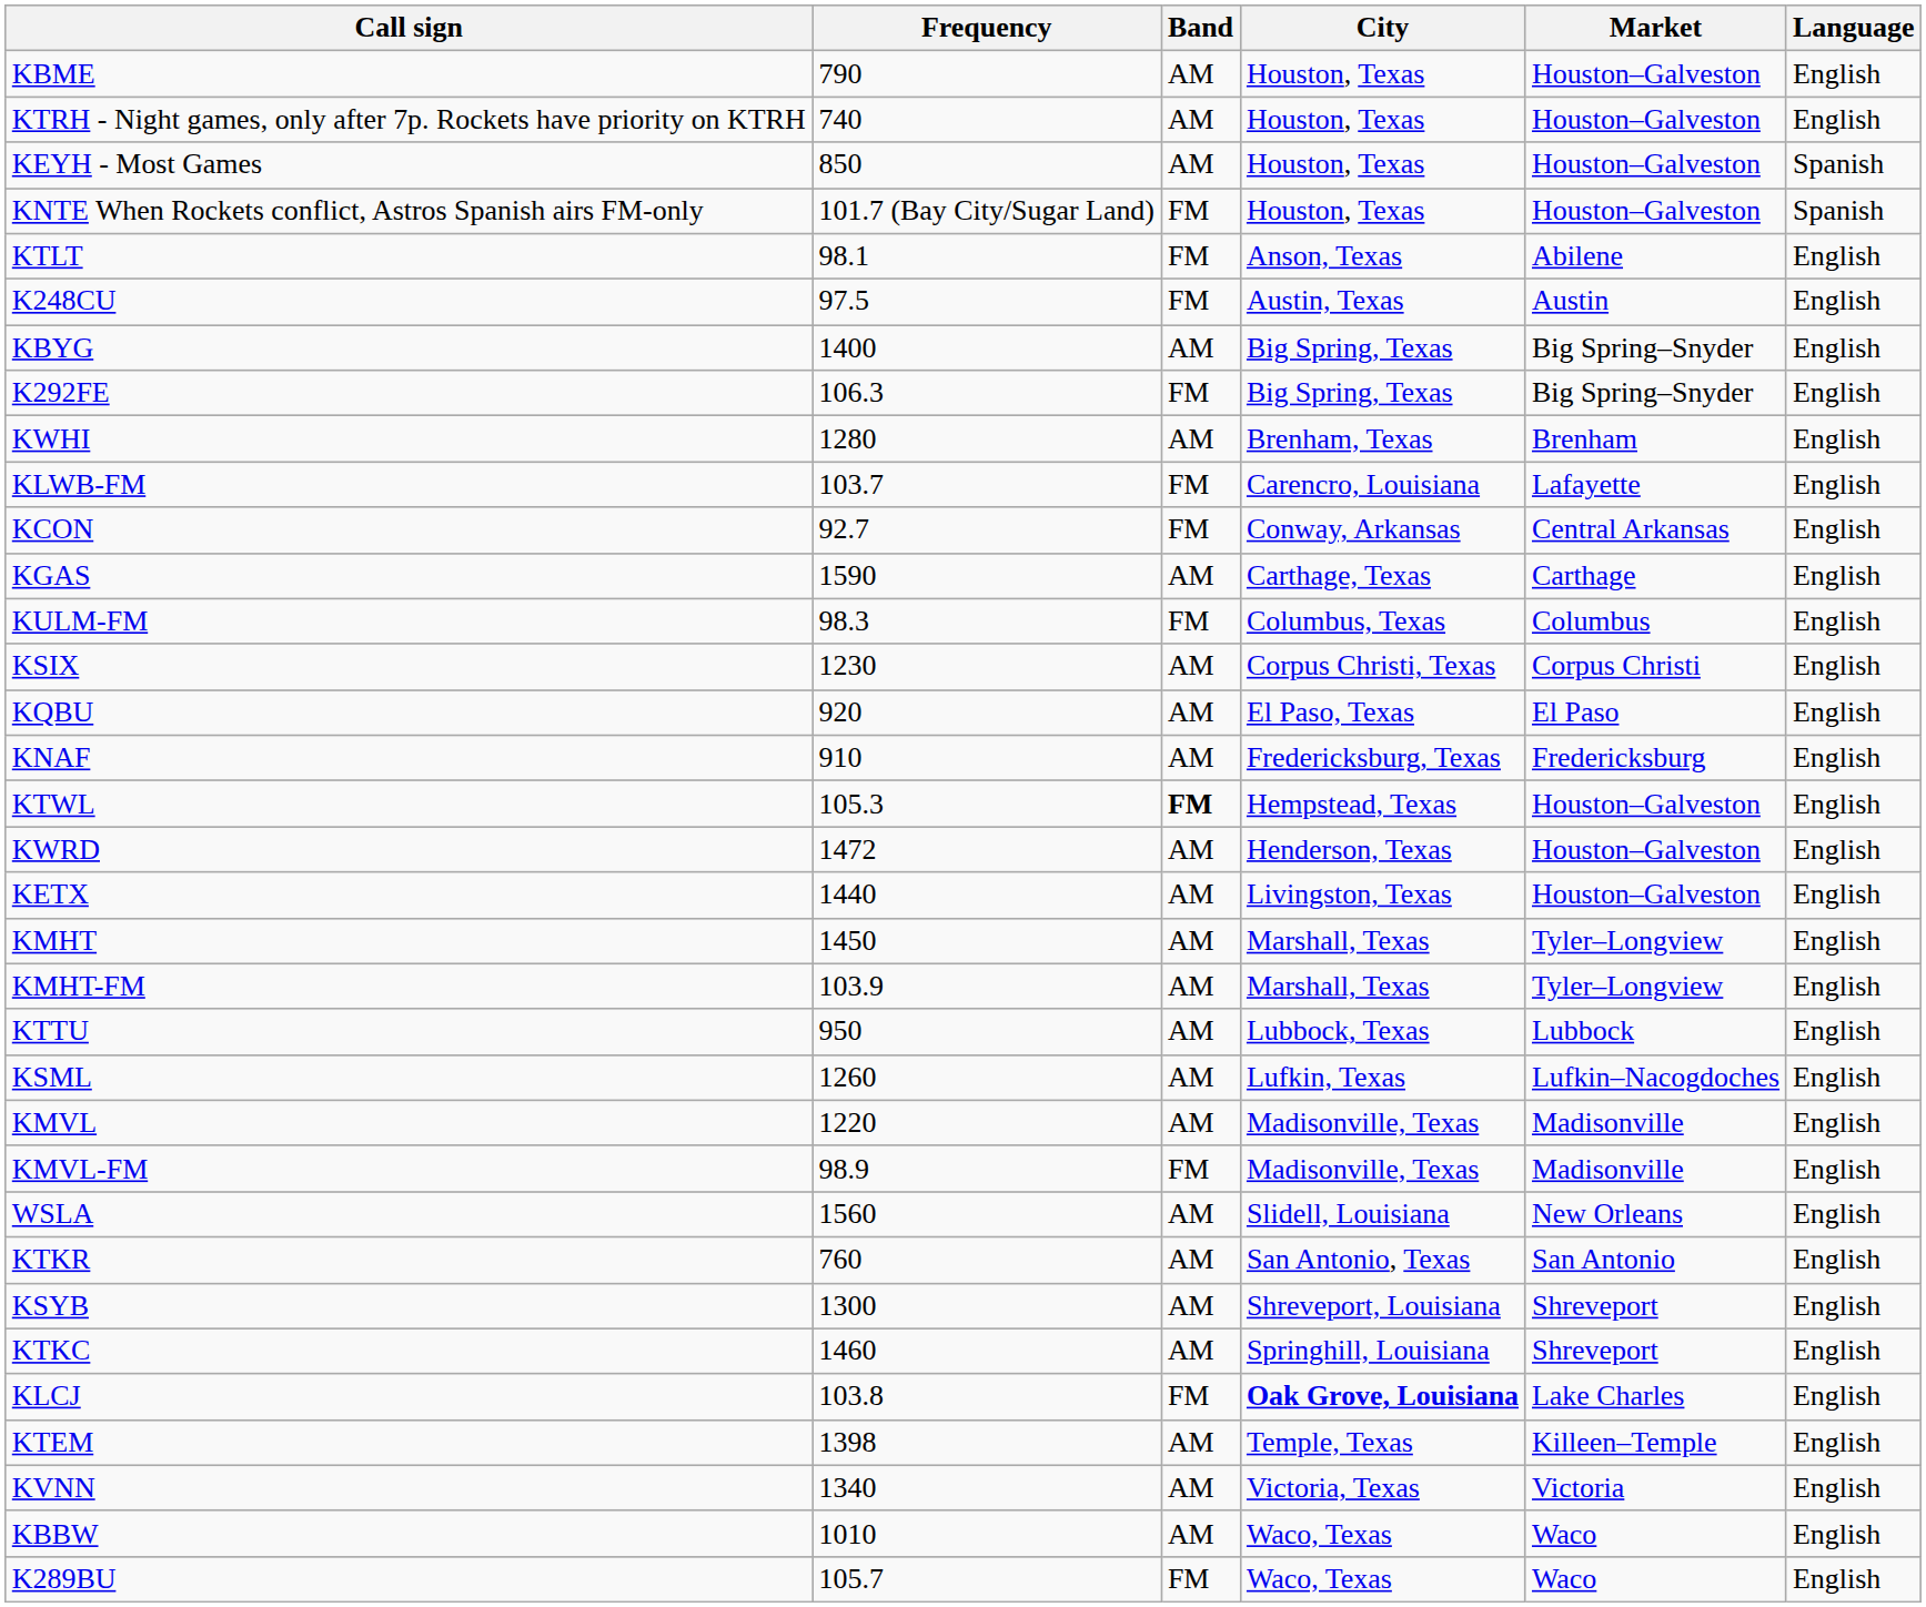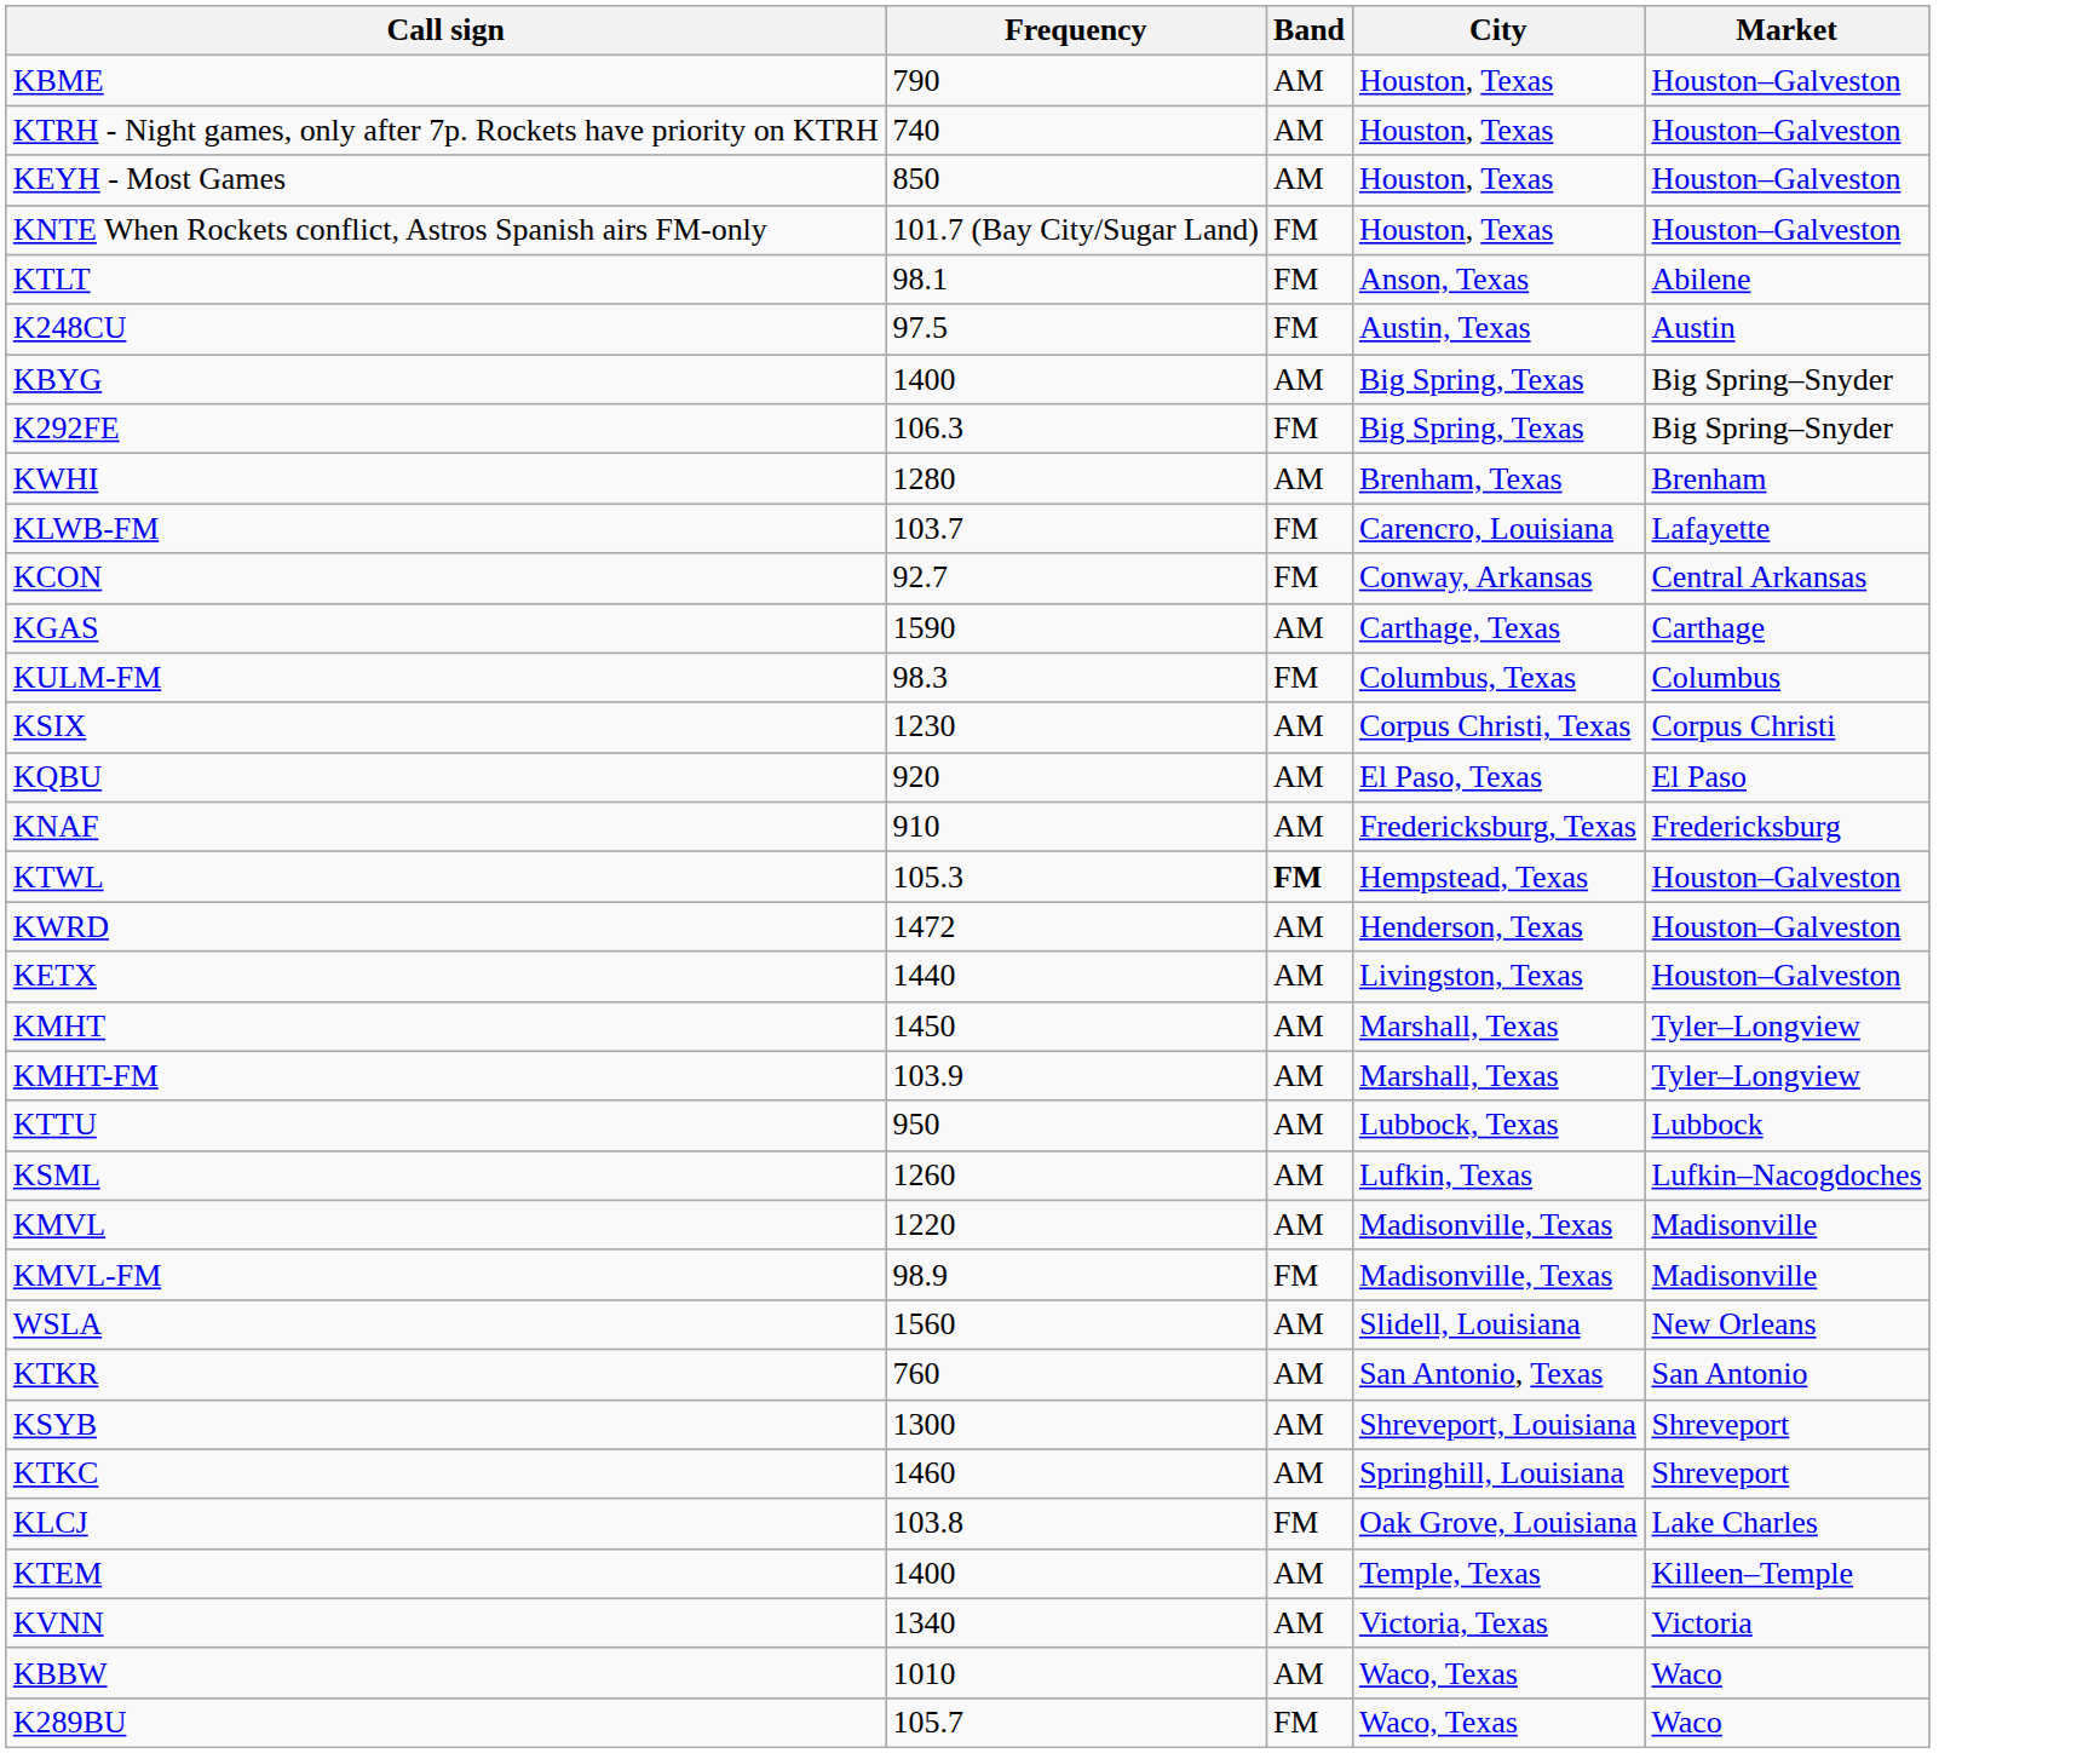 <table class="wikitable sortable" border="1" style="float= left;">
 <tr>
 <th>Call sign</th>
 <th>Frequency</th>
 <th>Band</th>
 <th>City</th>
 <th>Market</th>
-<th>Language</th>
 </tr>
 <tr>
 <td><a href='#'>KBME</a></td>
 <td data-sort-value=000790>790</td>
 <td>AM</td>
 <td><a href='#'>Houston</a>, <a href='#'>Texas</a></td>
 <td><a href='#'>Houston–Galveston</a></td>
-<td>English</td>
 </tr>
 <tr>
 <td><a href='#'>KTRH</a> - Night games, only after 7p. Rockets have priority on KTRH</td>
 <td data-sort-value=000740>740</td>
 <td>AM</td>
 <td><a href='#'>Houston</a>, <a href='#'>Texas</a></td>
 <td><a href='#'>Houston–Galveston</a></td>
-<td>English</td>
 </tr>
 <tr>
 <td><a href='#'>KEYH</a> - Most Games</td>
 <td data-sort-value=000850>850</td>
 <td>AM</td>
 <td><a href='#'>Houston</a>, <a href='#'>Texas</a></td>
 <td><a href='#'>Houston–Galveston</a></td>
-<td>Spanish</td>
 </tr>
 <tr>
 <td><a href='#'>KNTE</a> When Rockets conflict, Astros Spanish airs FM-only</td>
 <td data-sort-value=101700>101.7 (Bay City/Sugar Land)</td>
 <td>FM</td>
 <td><a href='#'>Houston</a>, <a href='#'>Texas</a></td>
 <td><a href='#'>Houston–Galveston</a></td>
-<td>Spanish</td>
 </tr>
 <tr>
 <td><a href='#'>KTLT</a></td>
 <td data-sort-value=098100>98.1</td>
 <td>FM</td>
 <td><a href='#'>Anson, Texas</a></td>
 <td><a href='#'>Abilene</a></td>
-<td>English</td>
 </tr>
 <tr>
 <td><a href='#'>K248CU</a></td>
 <td data-sort-value=097590>97.5</td>
 <td>FM</td>
 <td><a href='#'>Austin, Texas</a></td>
 <td><a href='#'>Austin</a></td>
-<td>English</td>
 </tr>
 <tr>
 <td><a href='#'>KBYG</a></td>
 <td data-sort-value=001400>1400</td>
 <td>AM</td>
 <td><a href='#'>Big Spring, Texas</a></td>
 <td>Big Spring–Snyder</td>
-<td>English</td>
 </tr>
 <tr>
 <td><a href='#'>K292FE</a></td>
 <td data-sort-value=106390>106.3</td>
 <td>FM</td>
 <td><a href='#'>Big Spring, Texas</a></td>
 <td>Big Spring–Snyder</td>
-<td>English</td>
 </tr>
 <tr>
 <td><a href='#'>KWHI</a></td>
 <td data-sort-value=001280>1280</td>
 <td>AM</td>
 <td><a href='#'>Brenham, Texas</a></td>
 <td><a href='#'>Brenham</a></td>
-<td>English</td>
 </tr>
 <tr>
 <td><a href='#'>KLWB-FM</a></td>
 <td data-sort-value=103700>103.7</td>
 <td>FM</td>
 <td><a href='#'>Carencro, Louisiana</a></td>
 <td><a href='#'>Lafayette</a></td>
-<td>English</td>
 </tr>
 <tr>
 <td><a href='#'>KCON</a></td>
 <td data-sort-value=092700>92.7</td>
 <td>FM</td>
 <td><a href='#'>Conway, Arkansas</a></td>
 <td><a href='#'>Central Arkansas</a></td>
-<td>English</td>
 </tr>
 <tr>
 <td><a href='#'>KGAS</a></td>
 <td data-sort-value=001590>1590</td>
 <td>AM</td>
 <td><a href='#'>Carthage, Texas</a></td>
 <td><a href='#'>Carthage</a></td>
-<td>English</td>
 </tr>
 <tr>
 <td><a href='#'>KULM-FM</a></td>
 <td data-sort-value=098300>98.3</td>
 <td>FM</td>
 <td><a href='#'>Columbus, Texas</a></td>
 <td><a href='#'>Columbus</a></td>
-<td>English</td>
 </tr>
 <tr>
 <td><a href='#'>KSIX</a></td>
 <td data-sort-value=001230>1230</td>
 <td>AM</td>
 <td><a href='#'>Corpus Christi, Texas</a></td>
 <td><a href='#'>Corpus Christi</a></td>
-<td>English</td>
 </tr>
 <tr>
 <td><a href='#'>KQBU</a></td>
 <td data-sort-value=000920>920</td>
 <td>AM</td>
 <td><a href='#'>El Paso, Texas</a></td>
 <td><a href='#'>El Paso</a></td>
-<td>English</td>
 </tr>
 <tr>
 <td><a href='#'>KNAF</a></td>
 <td data-sort-value=000910>910</td>
 <td>AM</td>
 <td><a href='#'>Fredericksburg, Texas</a></td>
 <td><a href='#'>Fredericksburg</a></td>
-<td>English</td>
 </tr>
 <tr>
 <td><a href='#'>KTWL</a></td>
 <td data-sort-value=105300>105.3</td>
 <td><strong>FM</strong></td>
 <td><a href='#'>Hempstead, Texas</a></td>
 <td><a href='#'>Houston–Galveston</a></td>
-<td>English</td>
 </tr>
 <tr>
 <td><a href='#'>KWRD</a></td>
 <td data-sort-value=001470>1472</td>
 <td>AM</td>
 <td><a href='#'>Henderson, Texas</a></td>
 <td><a href='#'>Houston–Galveston</a></td>
-<td>English</td>
 </tr>
 <tr>
 <td><a href='#'>KETX</a></td>
 <td data-sort-value=001440>1440</td>
 <td>AM</td>
 <td><a href='#'>Livingston, Texas</a></td>
 <td><a href='#'>Houston–Galveston</a></td>
-<td>English</td>
 </tr>
 <tr>
 <td><a href='#'>KMHT</a></td>
 <td data-sort-value=001450>1450</td>
 <td>AM</td>
 <td><a href='#'>Marshall, Texas</a></td>
 <td><a href='#'>Tyler–Longview</a></td>
-<td>English</td>
 </tr>
 <tr>
 <td><a href='#'>KMHT-FM</a></td>
 <td data-sort-value=103900>103.9</td>
 <td>AM</td>
 <td><a href='#'>Marshall, Texas</a></td>
 <td><a href='#'>Tyler–Longview</a></td>
-<td>English</td>
 </tr>
 <tr>
 <td><a href='#'>KTTU</a></td>
 <td data-sort-value=000950>950</td>
 <td>AM</td>
 <td><a href='#'>Lubbock, Texas</a></td>
 <td><a href='#'>Lubbock</a></td>
-<td>English</td>
 </tr>
 <tr>
 <td><a href='#'>KSML</a></td>
 <td data-sort-value=001260>1260</td>
 <td>AM</td>
 <td><a href='#'>Lufkin, Texas</a></td>
 <td><a href='#'>Lufkin–Nacogdoches</a></td>
-<td>English</td>
 </tr>
 <tr>
 <td><a href='#'>KMVL</a></td>
 <td data-sort-value=001220>1220</td>
 <td>AM</td>
 <td><a href='#'>Madisonville, Texas</a></td>
 <td><a href='#'>Madisonville</a></td>
-<td>English</td>
 </tr>
 <tr>
 <td><a href='#'>KMVL-FM</a></td>
 <td data-sort-value=098900>98.9</td>
 <td>FM</td>
 <td><a href='#'>Madisonville, Texas</a></td>
 <td><a href='#'>Madisonville</a></td>
-<td>English</td>
 </tr>
 <tr>
 <td><a href='#'>WSLA</a></td>
 <td data-sort-value=001560>1560</td>
 <td>AM</td>
 <td><a href='#'>Slidell, Louisiana</a></td>
 <td><a href='#'>New Orleans</a></td>
-<td>English</td>
 </tr>
 <tr>
 <td><a href='#'>KTKR</a></td>
 <td data-sort-value=000760>760</td>
 <td>AM</td>
 <td><a href='#'>San Antonio</a>, <a href='#'>Texas</a></td>
 <td><a href='#'>San Antonio</a></td>
-<td>English</td>
 </tr>
 <tr>
 <td><a href='#'>KSYB</a></td>
 <td data-sort-value=001300>1300</td>
 <td>AM</td>
 <td><a href='#'>Shreveport, Louisiana</a></td>
 <td><a href='#'>Shreveport</a></td>
-<td>English</td>
 </tr>
 <tr>
 <td><a href='#'>KTKC</a></td>
 <td data-sort-value=001460>1460</td>
 <td>AM</td>
 <td><a href='#'>Springhill, Louisiana</a></td>
 <td><a href='#'>Shreveport</a></td>
-<td>English</td>
 </tr>
 <tr>
 <td><a href='#'>KLCJ</a></td>
 <td data-sort-value=104100>103.8</td>
 <td>FM</td>
-<td><strong><a href='#'>Oak Grove, Louisiana</a></strong></td>
+<td><a href='#'>Oak Grove, Louisiana</a></td>
 <td><a href='#'>Lake Charles</a></td>
-<td>English</td>
 </tr>
 <tr>
 <td><a href='#'>KTEM</a></td>
-<td data-sort-value=001400>1398</td>
+<td data-sort-value=001400>1400</td>
 <td>AM</td>
 <td><a href='#'>Temple, Texas</a></td>
 <td><a href='#'>Killeen–Temple</a></td>
-<td>English</td>
 </tr>
 <tr>
 <td><a href='#'>KVNN</a></td>
 <td data-sort-value=001340>1340</td>
 <td>AM</td>
 <td><a href='#'>Victoria, Texas</a></td>
 <td><a href='#'>Victoria</a></td>
-<td>English</td>
 </tr>
 <tr>
 <td><a href='#'>KBBW</a></td>
 <td data-sort-value=001010>1010</td>
 <td>AM</td>
 <td><a href='#'>Waco, Texas</a></td>
 <td><a href='#'>Waco</a></td>
-<td>English</td>
 </tr>
 <tr>
 <td><a href='#'>K289BU</a></td>
 <td data-sort-value=105790>105.7</td>
 <td>FM</td>
 <td><a href='#'>Waco, Texas</a></td>
 <td><a href='#'>Waco</a></td>
-<td>English</td>
 </tr>
 </table>
